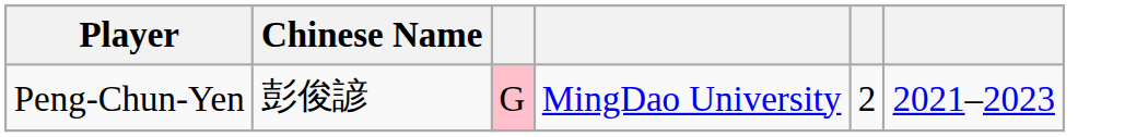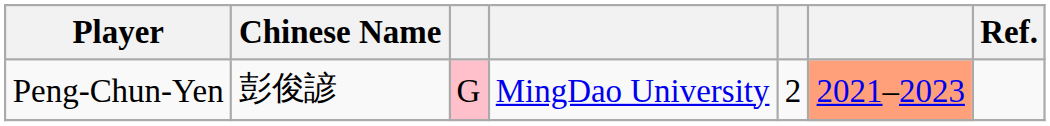 <table class="wikitable sortable" style="font-size:95%; text-align:left;">
 <tr>
 <th>Player</th>
 <th>Chinese Name</th>
 <th></th>
 <th></th>
 <th></th>
 <th></th>
+<th>Ref.</th>
 </tr>
 <tr>
 <td>Peng-Chun-Yen</td>
 <td>彭俊諺</td>
 <td align="center" style="background: pink;">G</td>
 <td><a href='#'>MingDao University</a></td>
 <td align="center">2</td>
-<td align="center"><a href='#'>2021</a>–<a href='#'>2023</a></td>
+<td align="center" style="background: lightsalmon;"><a href='#'>2021</a>–<a href='#'>2023</a></td>
+<td></td>
 </tr>
 </table>
